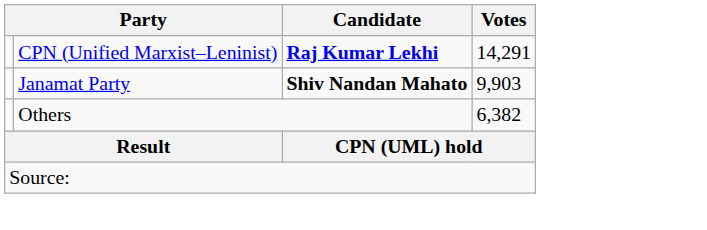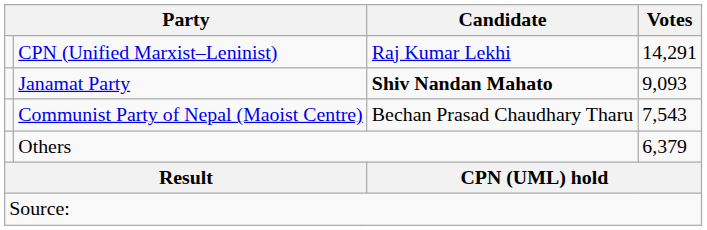 <table class="wikitable">
 <tr>
 <th colspan="2">Party</th>
 <th>Candidate</th>
 <th>Votes</th>
 </tr>
 <tr>
 <td style="background-color:"></td>
 <td><a href='#'>CPN (Unified Marxist–Leninist)</a></td>
-<td><strong><a href='#'>Raj Kumar Lekhi</a></strong></td>
+<td><a href='#'>Raj Kumar Lekhi</a></td>
 <td>14,291</td>
 </tr>
 <tr>
 <td style="background-color:"></td>
 <td><a href='#'>Janamat Party</a></td>
 <td><strong>Shiv Nandan Mahato</strong></td>
-<td>9,903</td>
+<td>9,093</td>
+</tr>
+<tr>
+<td style="background-color:"></td>
+<td><a href='#'>Communist Party of Nepal (Maoist Centre)</a></td>
+<td>Bechan Prasad Chaudhary Tharu</td>
+<td>7,543</td>
 </tr>
 <tr>
 <td></td>
 <td colspan="2">Others</td>
-<td>6,382</td>
+<td>6,379</td>
 </tr>
 <tr>
 <th colspan="2">Result</th>
 <th colspan="2">CPN (UML) hold</th>
 </tr>
 <tr>
 <td colspan="4">Source: </td>
 </tr>
 </table>
